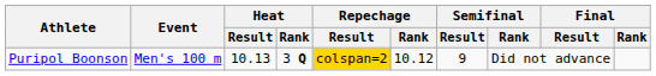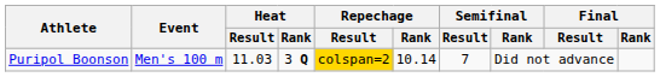 <table class="wikitable" style="font-size:90%">
 <tr>
 <th rowspan="2">Athlete</th>
 <th rowspan="2">Event</th>
 <th colspan="2">Heat</th>
 <th colspan="2">Repechage</th>
 <th colspan="2">Semifinal</th>
 <th colspan="2">Final</th>
 </tr>
 <tr style="font-size:95%">
 <th>Result</th>
 <th>Rank</th>
 <th>Result</th>
 <th>Rank</th>
 <th>Result</th>
 <th>Rank</th>
 <th>Result</th>
 <th>Rank</th>
 </tr>
 <tr align=center>
 <td align=left><a href='#'>Puripol Boonson</a></td>
 <td align=left><a href='#'>Men's 100 m</a></td>
-<td>10.13</td>
+<td>11.03</td>
 <td>3 <strong>Q</strong></td>
 <td style="background: gold;">colspan=2 </td>
-<td>10.12</td>
-<td>9</td>
+<td>10.14</td>
+<td>7</td>
 <td colspan="2">Did not advance</td>
 </tr>
 </table>
